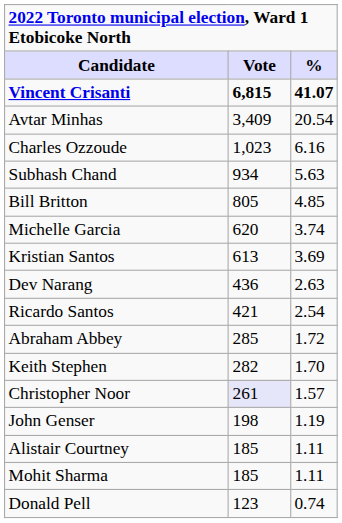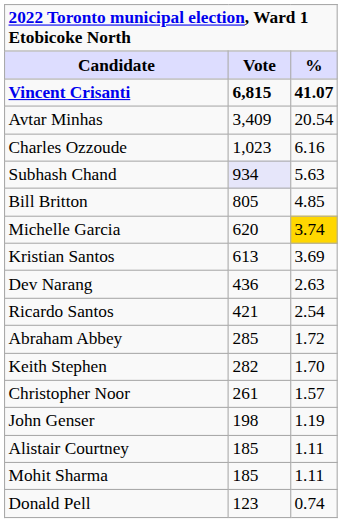 <table class="wikitable">
 <tr>
 <td colspan="3"><strong><a href='#'>2022 Toronto municipal election</a>, Ward 1 Etobicoke North</strong></td>
 </tr>
 <tr>
 <th style="background:#ddf; width:200px;">Candidate</th>
 <th style="background:#ddf; width:50px;">Vote</th>
 <th style="background:#ddf; width:30px;">%</th>
 </tr>
 <tr>
 <td><strong><a href='#'>Vincent Crisanti</a></strong></td>
 <td><strong>6,815</strong></td>
 <td><strong>41.07</strong></td>
 </tr>
 <tr>
 <td>Avtar Minhas</td>
 <td>3,409</td>
 <td>20.54</td>
 </tr>
 <tr>
 <td>Charles Ozzoude</td>
 <td>1,023</td>
 <td>6.16</td>
 </tr>
 <tr>
 <td>Subhash Chand</td>
-<td>934</td>
+<td style="background: lavender;">934</td>
 <td>5.63</td>
 </tr>
 <tr>
 <td>Bill Britton</td>
 <td>805</td>
 <td>4.85</td>
 </tr>
 <tr>
 <td>Michelle Garcia</td>
 <td>620</td>
-<td>3.74</td>
+<td style="background: gold;">3.74</td>
 </tr>
 <tr>
 <td>Kristian Santos</td>
 <td>613</td>
 <td>3.69</td>
 </tr>
 <tr>
 <td>Dev Narang</td>
 <td>436</td>
 <td>2.63</td>
 </tr>
 <tr>
 <td>Ricardo Santos</td>
 <td>421</td>
 <td>2.54</td>
 </tr>
 <tr>
 <td>Abraham Abbey</td>
 <td>285</td>
 <td>1.72</td>
 </tr>
 <tr>
 <td>Keith Stephen</td>
 <td>282</td>
 <td>1.70</td>
 </tr>
 <tr>
 <td>Christopher Noor</td>
-<td style="background: lavender;">261</td>
+<td>261</td>
 <td>1.57</td>
 </tr>
 <tr>
 <td>John Genser</td>
 <td>198</td>
 <td>1.19</td>
 </tr>
 <tr>
 <td>Alistair Courtney</td>
 <td>185</td>
 <td>1.11</td>
 </tr>
 <tr>
 <td>Mohit Sharma</td>
 <td>185</td>
 <td>1.11</td>
 </tr>
 <tr>
 <td>Donald Pell</td>
 <td>123</td>
 <td>0.74</td>
 </tr>
 </table>
